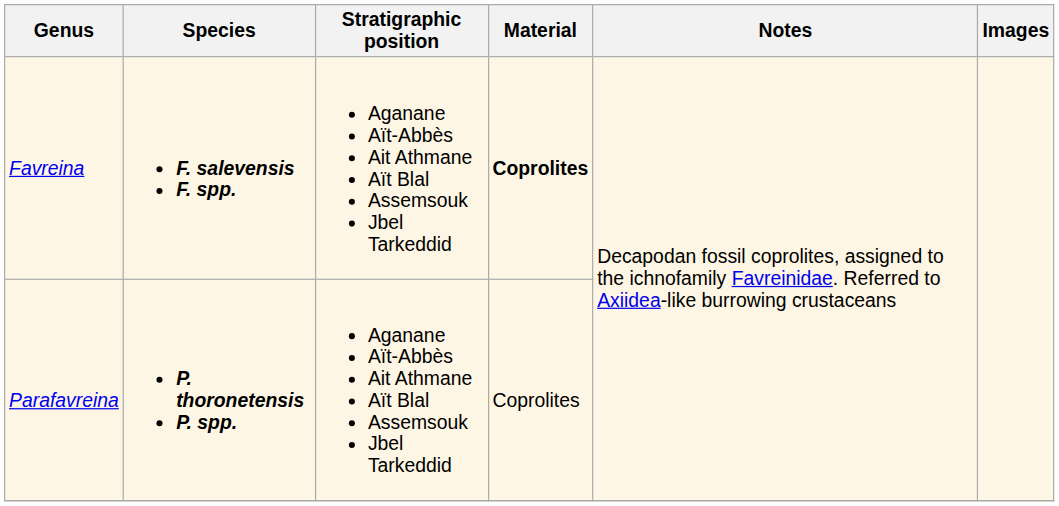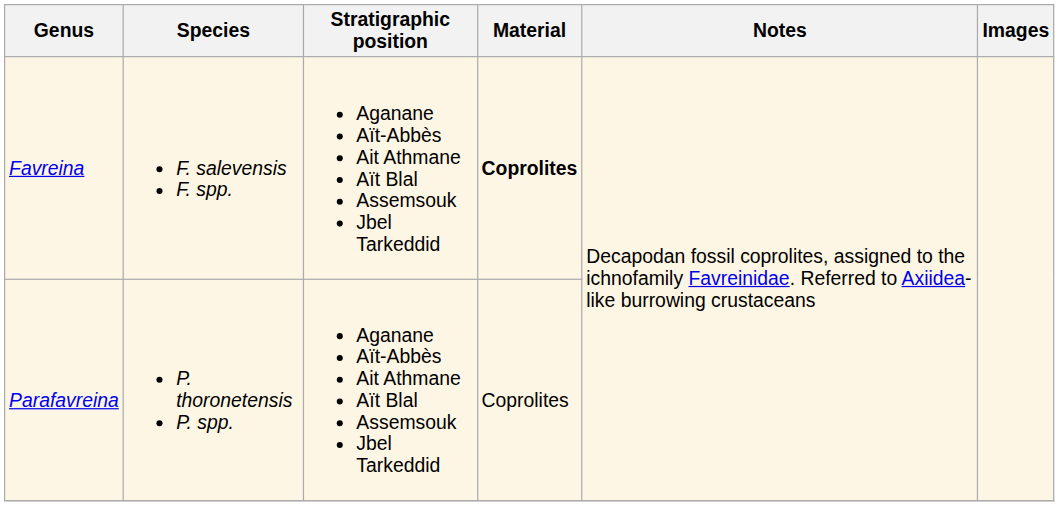 <table class = "wikitable">
 <tr>
 <th>Genus</th>
 <th>Species</th>
 <th>Stratigraphic position</th>
 <th>Material</th>
 <th>Notes</th>
 <th>Images</th>
 </tr>
 <tr>
 <td style="background:#FEF6E4 ;"><em><a href='#'>Favreina</a></em></td>
-<td style="background:#FEF6E4 ;"><strong><br><ul><li><em>F. salevensis</em></li><li><em>F. spp.</em></li></ul></strong></td>
+<td style="background:#FEF6E4 ;"><br><ul><li><em>F. salevensis</em></li><li><em>F. spp.</em></li></ul></td>
 <td style="background:#FEF6E4 ;"><br><ul><li>Aganane</li><li>Aït-Abbès</li><li>Ait Athmane</li><li>Aït Blal</li><li>Assemsouk</li><li>Jbel Tarkeddid</li></ul></td>
 <td style="background:#FEF6E4 ;"><strong>Coprolites</strong></td>
 <td rowspan="2" style="background:#FEF6E4 ;">Decapodan fossil coprolites, assigned to the ichnofamily <a href='#'>Favreinidae</a>. Referred to <a href='#'>Axiidea</a>-like burrowing crustaceans</td>
 <td rowspan="2" style="background:#FEF6E4 ;"></td>
 </tr>
 <tr>
 <td style="background:#FEF6E4 ;"><br><em><a href='#'>Parafavreina</a></em></td>
-<td style="background:#FEF6E4 ;"><strong><br><ul><li><em>P. thoronetensis</em></li><li><em>P. spp.</em></li></ul></strong></td>
+<td style="background:#FEF6E4 ;"><br><ul><li><em>P. thoronetensis</em></li><li><em>P. spp.</em></li></ul></td>
 <td style="background:#FEF6E4 ;"><br><ul><li>Aganane</li><li>Aït-Abbès</li><li>Ait Athmane</li><li>Aït Blal</li><li>Assemsouk</li><li>Jbel Tarkeddid</li></ul></td>
 <td style="background:#FEF6E4 ;"><br>Coprolites</td>
 </tr>
 <tr>
 </tr>
 </table>
